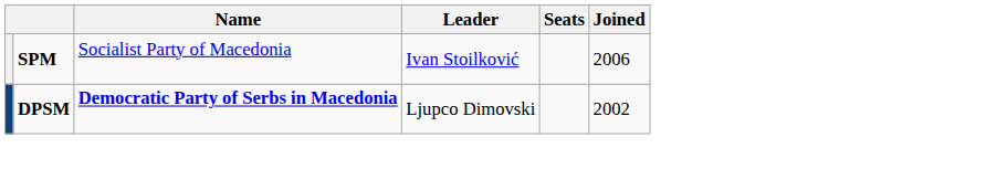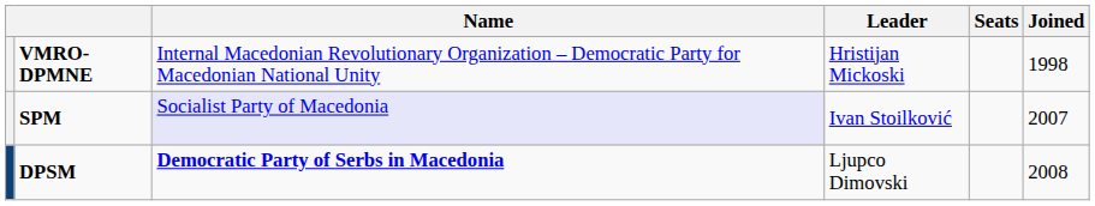 <table class="wikitable" style="text-align:left;">
 <tr>
 <th colspan="2"></th>
 <th>Name</th>
 <th>Leader</th>
 <th>Seats</th>
 <th>Joined</th>
 </tr>
 <tr>
 <th style="background-color:"></th>
+<td><strong>VMRO-DPMNE</strong></td>
+<td><a href='#'>Internal Macedonian Revolutionary Organization – Democratic Party for Macedonian National Unity</a><br></td>
+<td><a href='#'>Hristijan Mickoski</a></td>
+<td></td>
+<td>1998</td>
+</tr>
+<tr>
+<th style="background-color:"></th>
 <td><strong>SPM</strong></td>
-<td><a href='#'>Socialist Party of Macedonia</a><br><br></td>
+<td style="background: lavender;"><a href='#'>Socialist Party of Macedonia</a><br><br></td>
 <td><a href='#'>Ivan Stoilković</a></td>
 <td></td>
-<td>2006</td>
+<td>2007</td>
 </tr>
 <tr>
 <th style="background-color:#0c4076;"></th>
 <td><strong>DPSM</strong></td>
 <td><strong><a href='#'>Democratic Party of Serbs in Macedonia</a><br><br></strong></td>
 <td>Ljupco Dimovski</td>
 <td></td>
-<td>2002</td>
+<td>2008</td>
 </tr>
 </table>
